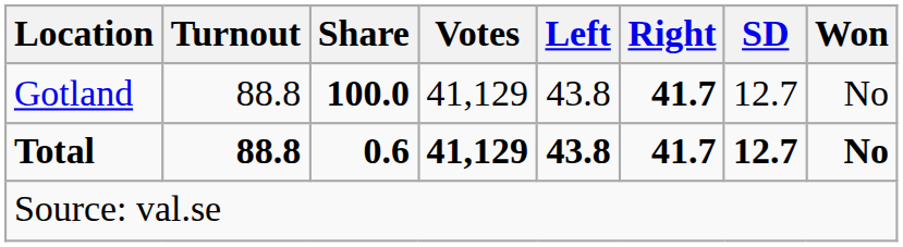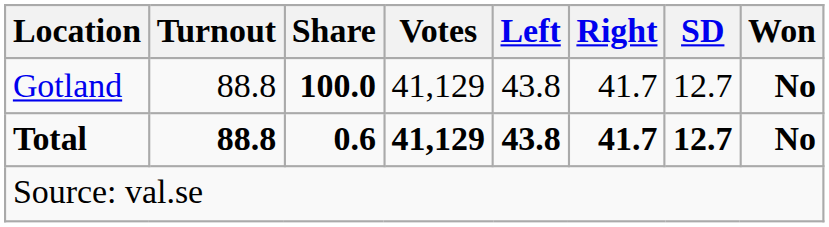 <table class="wikitable sortable" style=text-align:right>
 <tr>
 <th>Location</th>
 <th>Turnout</th>
 <th>Share</th>
 <th>Votes</th>
 <th><a href='#'>Left</a></th>
 <th><a href='#'>Right</a></th>
 <th><a href='#'>SD</a></th>
 <th>Won</th>
 </tr>
 <tr>
 <td align=left><a href='#'>Gotland</a></td>
 <td>88.8</td>
 <td><strong>100.0</strong></td>
 <td>41,129</td>
 <td>43.8</td>
-<td><strong>41.7</strong></td>
+<td>41.7</td>
 <td>12.7</td>
-<td>No</td>
+<td><strong>No</strong></td>
 </tr>
 <tr>
 <td align=left><strong>Total</strong></td>
 <td><strong>88.8</strong></td>
 <td><strong>0.6</strong></td>
 <td><strong>41,129</strong></td>
 <td><strong>43.8</strong></td>
 <td><strong>41.7</strong></td>
 <td><strong>12.7</strong></td>
 <td><strong>No</strong></td>
 </tr>
 <tr>
 <td align=left colspan=8>Source: val.se</td>
 </tr>
 </table>
